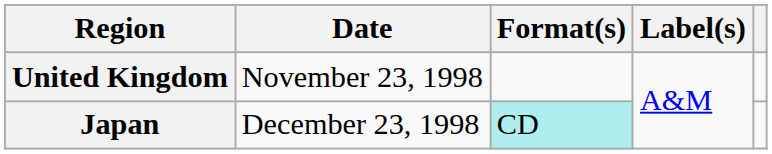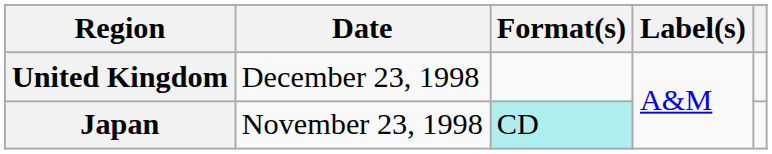 <table class="wikitable plainrowheaders">
 <tr>
 <th scope="col">Region</th>
 <th scope="col">Date</th>
 <th scope="col">Format(s)</th>
 <th scope="col">Label(s)</th>
 <th scope="col"></th>
 </tr>
 <tr>
 <th scope="row">United Kingdom</th>
-<td>November 23, 1998</td>
+<td>December 23, 1998</td>
 <td></td>
 <td rowspan="2"><a href='#'>A&M</a></td>
 <td></td>
 </tr>
 <tr>
 <th scope="row">Japan</th>
-<td>December 23, 1998</td>
+<td>November 23, 1998</td>
 <td style="background: paleturquoise;">CD</td>
 <td></td>
 </tr>
 </table>
